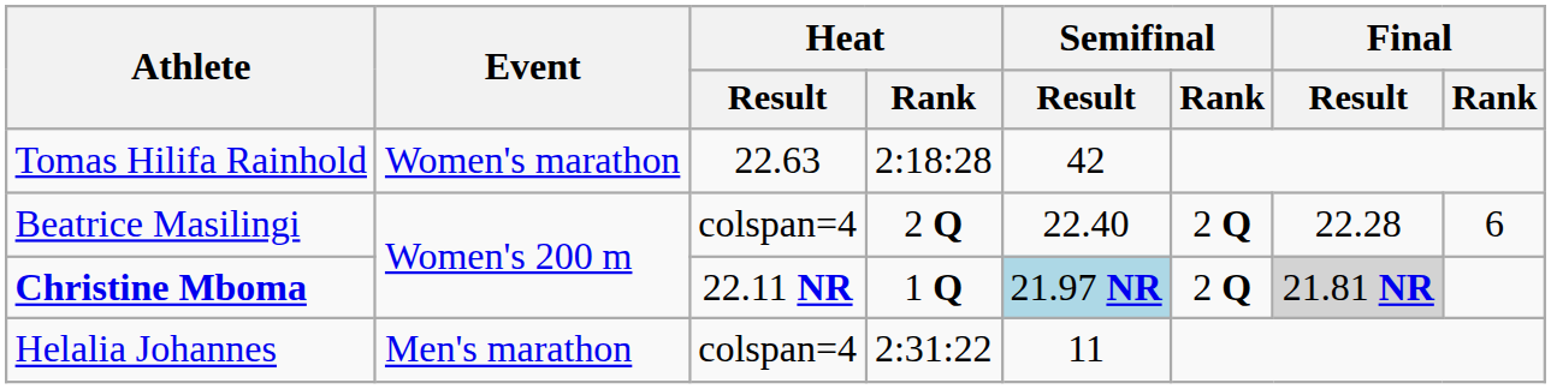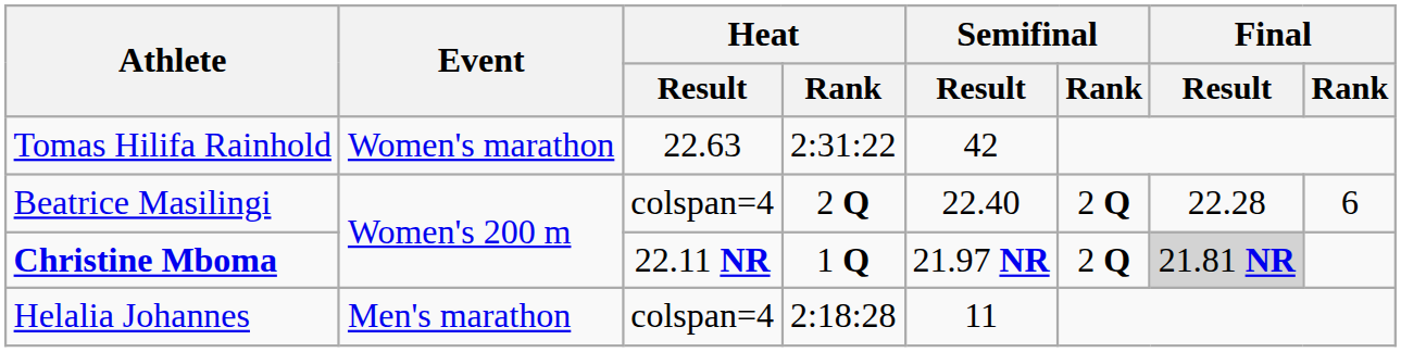 <table class="wikitable" style="font-size:90%">
 <tr>
 <th rowspan="2">Athlete</th>
 <th rowspan="2">Event</th>
 <th colspan="2">Heat</th>
 <th colspan="2">Semifinal</th>
 <th colspan="2">Final</th>
 </tr>
 <tr style="font-size:95%">
 <th>Result</th>
 <th>Rank</th>
 <th>Result</th>
 <th>Rank</th>
 <th>Result</th>
 <th>Rank</th>
 </tr>
 <tr align=center>
 <td align=left><a href='#'>Tomas Hilifa Rainhold</a></td>
 <td align=left><a href='#'>Women's marathon</a></td>
 <td>22.63</td>
-<td>2:18:28</td>
+<td>2:31:22</td>
 <td>42</td>
 </tr>
 <tr align=center>
 <td align=left><a href='#'>Beatrice Masilingi</a></td>
 <td align=left rowspan=2><a href='#'>Women's 200 m</a></td>
 <td>colspan=4 </td>
 <td>2 <strong>Q</strong></td>
 <td>22.40</td>
 <td>2 <strong>Q</strong></td>
 <td>22.28</td>
 <td>6</td>
 </tr>
 <tr align=center>
 <td align=left><strong><a href='#'>Christine Mboma</a></strong></td>
 <td>22.11 <strong><a href='#'>NR</a></strong></td>
 <td>1 <strong>Q</strong></td>
-<td style="background: lightblue;">21.97 <strong><a href='#'>NR</a></strong></td>
+<td>21.97 <strong><a href='#'>NR</a></strong></td>
 <td>2 <strong>Q</strong></td>
 <td style="background: lightgrey;">21.81 <strong><a href='#'>NR</a></strong></td>
 <td></td>
 </tr>
 <tr align=center>
 <td align=left><a href='#'>Helalia Johannes</a></td>
 <td align=left><a href='#'>Men's marathon</a></td>
 <td>colspan=4 </td>
-<td>2:31:22</td>
+<td>2:18:28</td>
 <td>11</td>
 </tr>
 </table>
